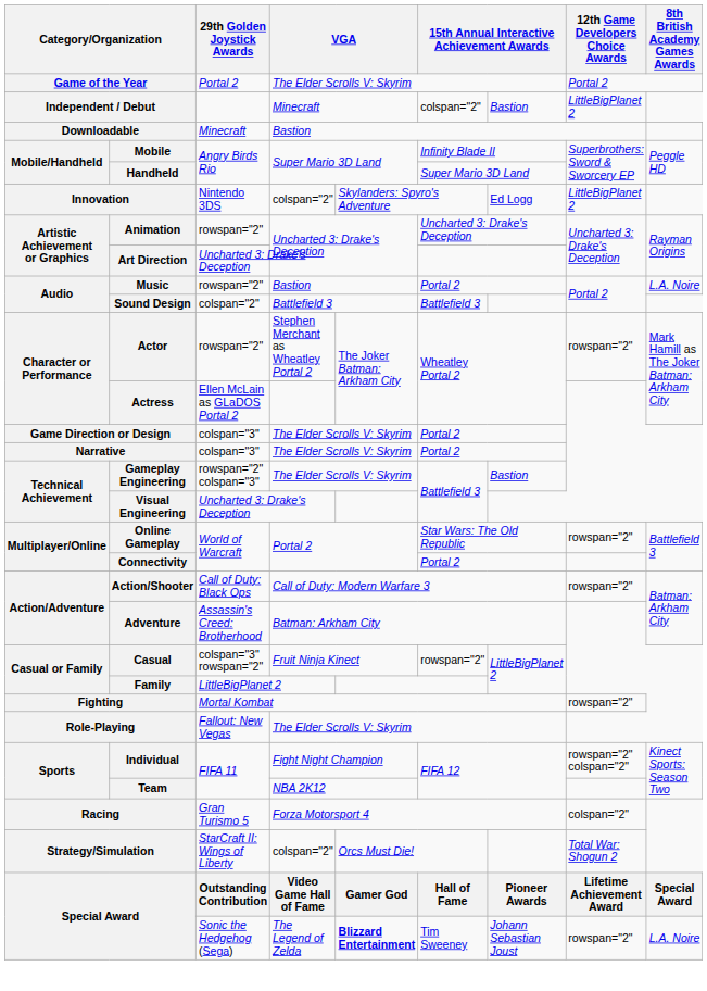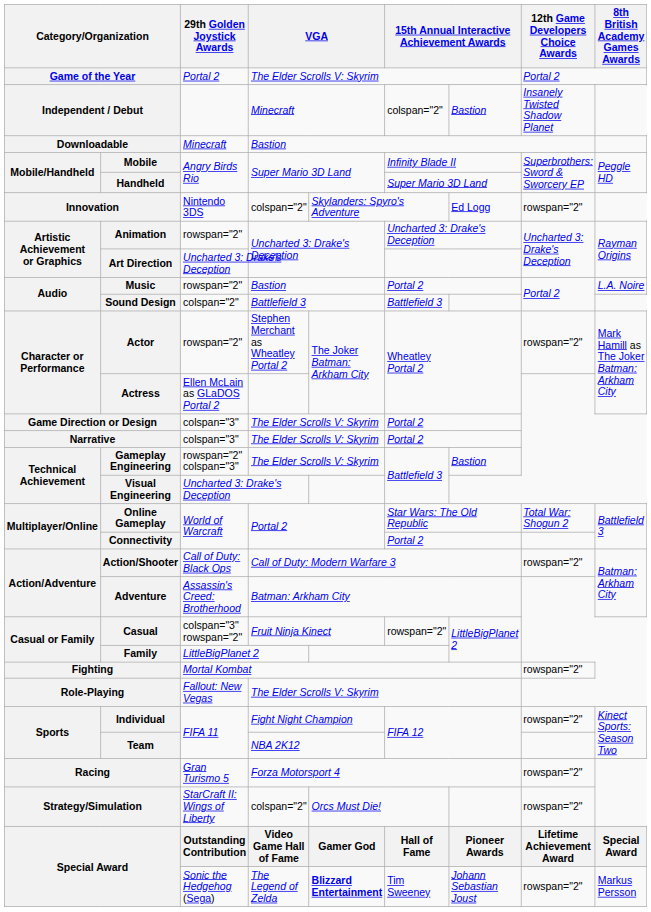 <table class="wikitable" style="border:none; margin:0; width:100%; font-size: 90%;">
 <tr>
 <th style="width:17%;" colspan="2">Category/Organization</th>
 <th style="width:16%;">29th <a href='#'>Golden Joystick Awards</a><br></th>
 <th style="width:16%;" colspan="2"><a href='#'>VGA</a><br></th>
 <th style="width:16%;" colspan="2"><a href='#'>15th Annual Interactive Achievement Awards</a><br></th>
 <th style="width:16%;">12th <a href='#'>Game Developers Choice Awards</a><br></th>
 <th style="width:16%;"><a href='#'>8th British Academy Games Awards</a><br></th>
 </tr>
 <tr>
 <th scope="row" colspan="2"><a href='#'>Game of the Year</a></th>
 <td><em><a href='#'>Portal 2</a></em></td>
 <td colspan="4"><em><a href='#'>The Elder Scrolls V: Skyrim</a></em></td>
 <td colspan="2"><em><a href='#'>Portal 2</a></em></td>
 </tr>
 <tr>
 <th scope="row" colspan="2" style="width:9%;">Independent / Debut</th>
 <td></td>
 <td colspan="2"><em><a href='#'>Minecraft</a></em></td>
 <td>colspan="2" </td>
 <td><em><a href='#'>Bastion</a></em></td>
-<td><em><a href='#'>LittleBigPlanet 2</a></em></td>
+<td><em><a href='#'>Insanely Twisted Shadow Planet</a></em></td>
 </tr>
 <tr>
 <th scope="row" style="width:12%;" colspan="2">Downloadable</th>
 <td><em><a href='#'>Minecraft</a></em></td>
 <td colspan="5"><em><a href='#'>Bastion</a></em></td>
 <td></td>
 </tr>
 <tr>
 <th scope="row" rowspan="2" style="width:12%;">Mobile/Handheld</th>
 <th>Mobile</th>
 <td rowspan="2"><em><a href='#'>Angry Birds Rio</a></em></td>
 <td rowspan="2" colspan="2"><em><a href='#'>Super Mario 3D Land</a></em></td>
 <td colspan="2"><em><a href='#'>Infinity Blade II</a></em></td>
 <td rowspan="2"><em><a href='#'>Superbrothers: Sword & Sworcery EP</a></em></td>
 <td rowspan="2"><em><a href='#'>Peggle HD</a></em></td>
 </tr>
 <tr>
 <th scope="row">Handheld</th>
 <td colspan="2"><em><a href='#'>Super Mario 3D Land</a></em></td>
 </tr>
 <tr>
 <th scope="row" style="width:12%;" colspan="2">Innovation</th>
 <td><a href='#'>Nintendo 3DS</a></td>
 <td>colspan="2" </td>
 <td colspan="2"><em><a href='#'>Skylanders: Spyro's Adventure</a></em></td>
 <td><a href='#'>Ed Logg</a></td>
-<td><em><a href='#'>LittleBigPlanet 2</a></em></td>
+<td>rowspan="2" </td>
 </tr>
 <tr>
 <th scope="row" rowspan="2" style="width:9%;">Artistic Achievement<br>or Graphics</th>
 <th>Animation</th>
 <td>rowspan="2" </td>
 <td rowspan="2" colspan="2"><em><a href='#'>Uncharted 3: Drake's Deception</a></em></td>
 <td colspan="2"><em><a href='#'>Uncharted 3: Drake's Deception</a></em></td>
 <td rowspan="2"><em><a href='#'>Uncharted 3: Drake's Deception</a></em></td>
 <td rowspan="2"><em><a href='#'>Rayman Origins</a></em></td>
 </tr>
 <tr>
 <th scope="row">Art Direction</th>
 <td colspan="2"><em><a href='#'>Uncharted 3: Drake's Deception</a></em></td>
 </tr>
 <tr>
 <th scope="row" rowspan="2" style="width:12%;">Audio</th>
 <th>Music</th>
 <td>rowspan="2" </td>
 <td colspan="2"><em><a href='#'>Bastion</a></em></td>
 <td colspan="2"><em><a href='#'>Portal 2</a></em></td>
 <td rowspan="2"><em><a href='#'>Portal 2</a></em></td>
 <td><em><a href='#'>L.A. Noire</a></em></td>
 </tr>
 <tr>
 <th scope="row">Sound Design</th>
 <td>colspan="2" </td>
 <td colspan="2"><em><a href='#'>Battlefield 3</a></em></td>
 <td><em><a href='#'>Battlefield 3</a></em></td>
 </tr>
 <tr>
 <th scope="row" rowspan="2">Character or Performance</th>
 <th>Actor</th>
 <td>rowspan="2" </td>
 <td><a href='#'>Stephen Merchant</a> as <a href='#'>Wheatley</a><br> <em><a href='#'>Portal 2</a></em></td>
 <td rowspan="2"><a href='#'>The Joker</a><br><em><a href='#'>Batman: Arkham City</a></em></td>
 <td rowspan="2" colspan="2"><a href='#'>Wheatley</a><br><em><a href='#'>Portal 2</a></em></td>
 <td>rowspan="2" </td>
 <td rowspan="2"><a href='#'>Mark Hamill</a> as <a href='#'>The Joker</a><br><em><a href='#'>Batman: Arkham City</a></em></td>
 </tr>
 <tr>
 <th>Actress</th>
 <td><a href='#'>Ellen McLain</a> as <a href='#'>GLaDOS</a><br><em><a href='#'>Portal 2</a></em></td>
 </tr>
 <tr>
 <th scope="row" colspan="2">Game Direction or Design</th>
 <td>colspan="3" </td>
 <td colspan="2"><em><a href='#'>The Elder Scrolls V: Skyrim</a></em></td>
 <td colspan="2"><em><a href='#'>Portal 2</a></em></td>
 </tr>
 <tr>
 <th scope="row" colspan="2">Narrative</th>
 <td>colspan="3" </td>
 <td colspan="2"><em><a href='#'>The Elder Scrolls V: Skyrim</a></em></td>
 <td colspan="2"><em><a href='#'>Portal 2</a></em></td>
 </tr>
 <tr>
 <th scope="row" rowspan="2">Technical Achievement</th>
 <th>Gameplay Engineering</th>
 <td>rowspan="2" colspan="3" </td>
 <td colspan="2"><em><a href='#'>The Elder Scrolls V: Skyrim</a></em></td>
 <td rowspan="2"><em><a href='#'>Battlefield 3</a></em></td>
 <td><em><a href='#'>Bastion</a></em></td>
 </tr>
 <tr>
 <th scope="row">Visual Engineering</th>
 <td colspan="2"><em><a href='#'>Uncharted 3: Drake's Deception</a></em></td>
 </tr>
 <tr>
 <th scope="row" rowspan="2">Multiplayer/Online</th>
 <th>Online Gameplay</th>
 <td rowspan="2"><em><a href='#'>World of Warcraft</a></em></td>
 <td rowspan="2" colspan="2"><em><a href='#'>Portal 2</a></em></td>
 <td colspan="2"><em><a href='#'>Star Wars: The Old Republic</a></em></td>
-<td>rowspan="2" </td>
+<td><em><a href='#'>Total War: Shogun 2</a></em></td>
 <td rowspan="2"><em><a href='#'>Battlefield 3</a></em></td>
 </tr>
 <tr>
 <th scope="row">Connectivity</th>
 <td colspan="2"><em><a href='#'>Portal 2</a></em></td>
 </tr>
 <tr>
 <th scope="row" rowspan="2">Action/Adventure</th>
 <th>Action/Shooter</th>
 <td><em><a href='#'>Call of Duty: Black Ops</a></em></td>
 <td colspan="4"><em><a href='#'>Call of Duty: Modern Warfare 3</a></em></td>
 <td>rowspan="2" </td>
 <td rowspan="2"><em><a href='#'>Batman: Arkham City</a></em></td>
 </tr>
 <tr>
 <th scope="row">Adventure</th>
 <td><em><a href='#'>Assassin's Creed: Brotherhood</a></em></td>
 <td colspan="4"><em><a href='#'>Batman: Arkham City</a></em></td>
 </tr>
 <tr>
 <th scope="row" rowspan="2">Casual or Family</th>
 <th>Casual</th>
 <td>colspan="3" rowspan="2" </td>
 <td colspan="2"><em><a href='#'>Fruit Ninja Kinect</a></em></td>
 <td>rowspan="2" </td>
 <td rowspan="2"><em><a href='#'>LittleBigPlanet 2</a></em></td>
 </tr>
 <tr>
 <th>Family</th>
 <td colspan="2"><em><a href='#'>LittleBigPlanet 2</a></em></td>
 </tr>
 <tr>
 <th scope="row" colspan="2">Fighting</th>
 <td colspan="5"><em><a href='#'>Mortal Kombat</a></em></td>
 <td>rowspan="2" </td>
 </tr>
 <tr>
 <th scope="row" colspan="2">Role-Playing</th>
 <td><em><a href='#'>Fallout: New Vegas</a></em></td>
 <td colspan="4"><em><a href='#'>The Elder Scrolls V: Skyrim</a></em></td>
 </tr>
 <tr>
 <th scope="row" rowspan="2">Sports</th>
 <th>Individual</th>
 <td rowspan="2"><em><a href='#'>FIFA 11</a></em></td>
 <td colspan="2"><em><a href='#'>Fight Night Champion</a></em></td>
 <td rowspan="2" colspan="2"><em><a href='#'>FIFA 12</a></em></td>
-<td>rowspan="2" colspan="2" </td>
+<td>rowspan="2" </td>
 <td rowspan="2"><em><a href='#'>Kinect Sports: Season Two</a></em></td>
 </tr>
 <tr>
 <th>Team</th>
 <td colspan="2"><em><a href='#'>NBA 2K12</a></em></td>
 </tr>
 <tr>
 <th scope="row" colspan="2">Racing</th>
 <td><em><a href='#'>Gran Turismo 5</a></em></td>
 <td colspan="4"><em><a href='#'>Forza Motorsport 4</a></em></td>
-<td>colspan="2" </td>
+<td>rowspan="2" </td>
 </tr>
 <tr>
 <th scope="row" colspan="2">Strategy/Simulation</th>
 <td><em><a href='#'>StarCraft II: Wings of Liberty</a></em></td>
 <td>colspan="2" </td>
 <td colspan="2"><em><a href='#'>Orcs Must Die!</a></em></td>
 <td></td>
-<td><em><a href='#'>Total War: Shogun 2</a></em></td>
+<td>rowspan="2" </td>
 </tr>
 <tr>
 <th scope="row" colspan="2" rowspan="2">Special Award</th>
 <th>Outstanding Contribution</th>
 <th>Video Game Hall of Fame</th>
 <th>Gamer God</th>
 <th>Hall of Fame</th>
 <th>Pioneer Awards</th>
 <th>Lifetime Achievement Award</th>
 <th>Special Award</th>
 </tr>
 <tr>
 <td><em><a href='#'>Sonic the Hedgehog</a></em><br>(<a href='#'>Sega</a>)</td>
 <td><em><a href='#'>The Legend of Zelda</a></em></td>
 <td><strong><a href='#'>Blizzard Entertainment</a></strong></td>
 <td><a href='#'>Tim Sweeney</a></td>
 <td><em><a href='#'>Johann Sebastian Joust</a></em></td>
 <td>rowspan="2" </td>
-<td><em><a href='#'>L.A. Noire</a></em></td>
+<td><a href='#'>Markus Persson</a></td>
 </tr>
 </table>
